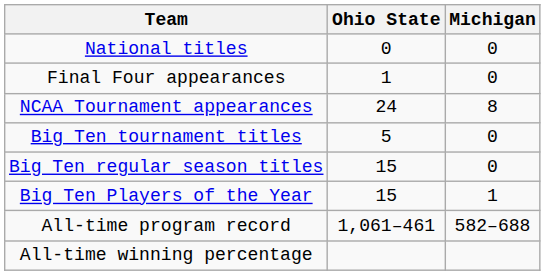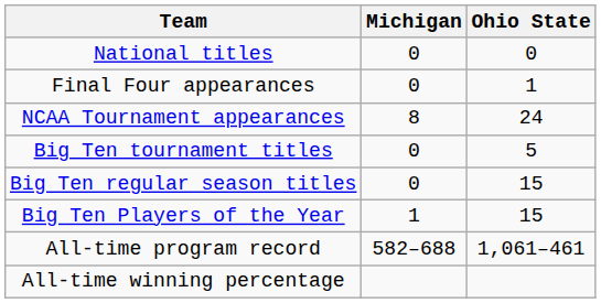 <table class="wikitable" style="text-align:center;">
 <tr>
 <th>Team</th>
+<th>Michigan</th>
 <th>Ohio State</th>
-<th>Michigan</th>
 </tr>
 <tr>
 <td><a href='#'>National titles</a></td>
+<td style=>0</td>
 <td>0</td>
-<td style=>0</td>
 </tr>
 <tr>
 <td>Final Four appearances</td>
+<td>0</td>
 <td>1</td>
-<td>0</td>
 </tr>
 <tr>
 <td><a href='#'>NCAA Tournament appearances</a></td>
+<td>8</td>
 <td>24</td>
-<td>8</td>
 </tr>
 <tr>
 <td><a href='#'>Big Ten tournament titles</a></td>
+<td>0</td>
 <td>5</td>
-<td>0</td>
 </tr>
 <tr>
 <td><a href='#'>Big Ten regular season titles</a></td>
+<td>0</td>
 <td>15</td>
-<td>0</td>
 </tr>
 <tr>
 <td><a href='#'>Big Ten Players of the Year</a></td>
+<td>1</td>
 <td>15</td>
-<td>1</td>
 </tr>
 <tr>
 <td>All-time program record</td>
+<td>582–688</td>
 <td>1,061–461</td>
-<td>582–688</td>
 </tr>
 <tr>
 <td>All-time winning percentage</td>
 <td></td>
 <td></td>
 </tr>
 </table>
